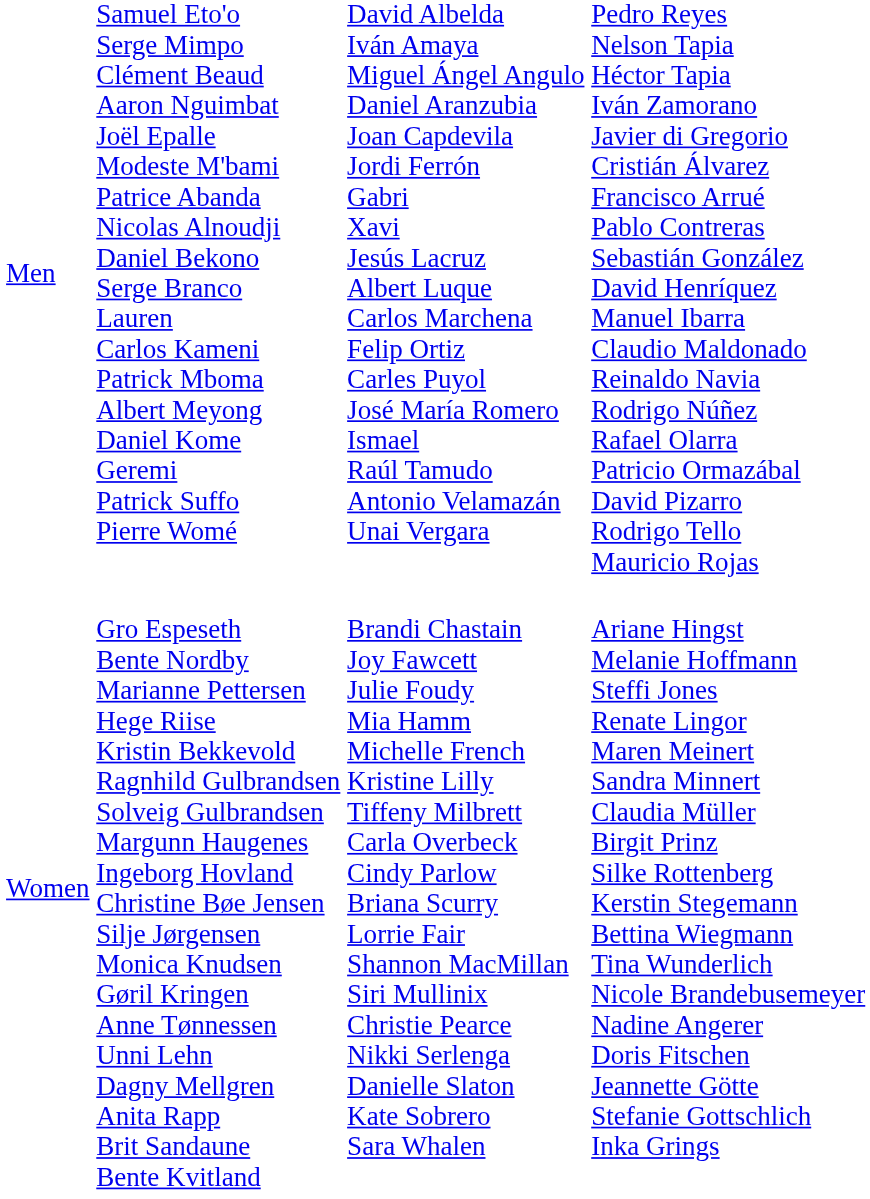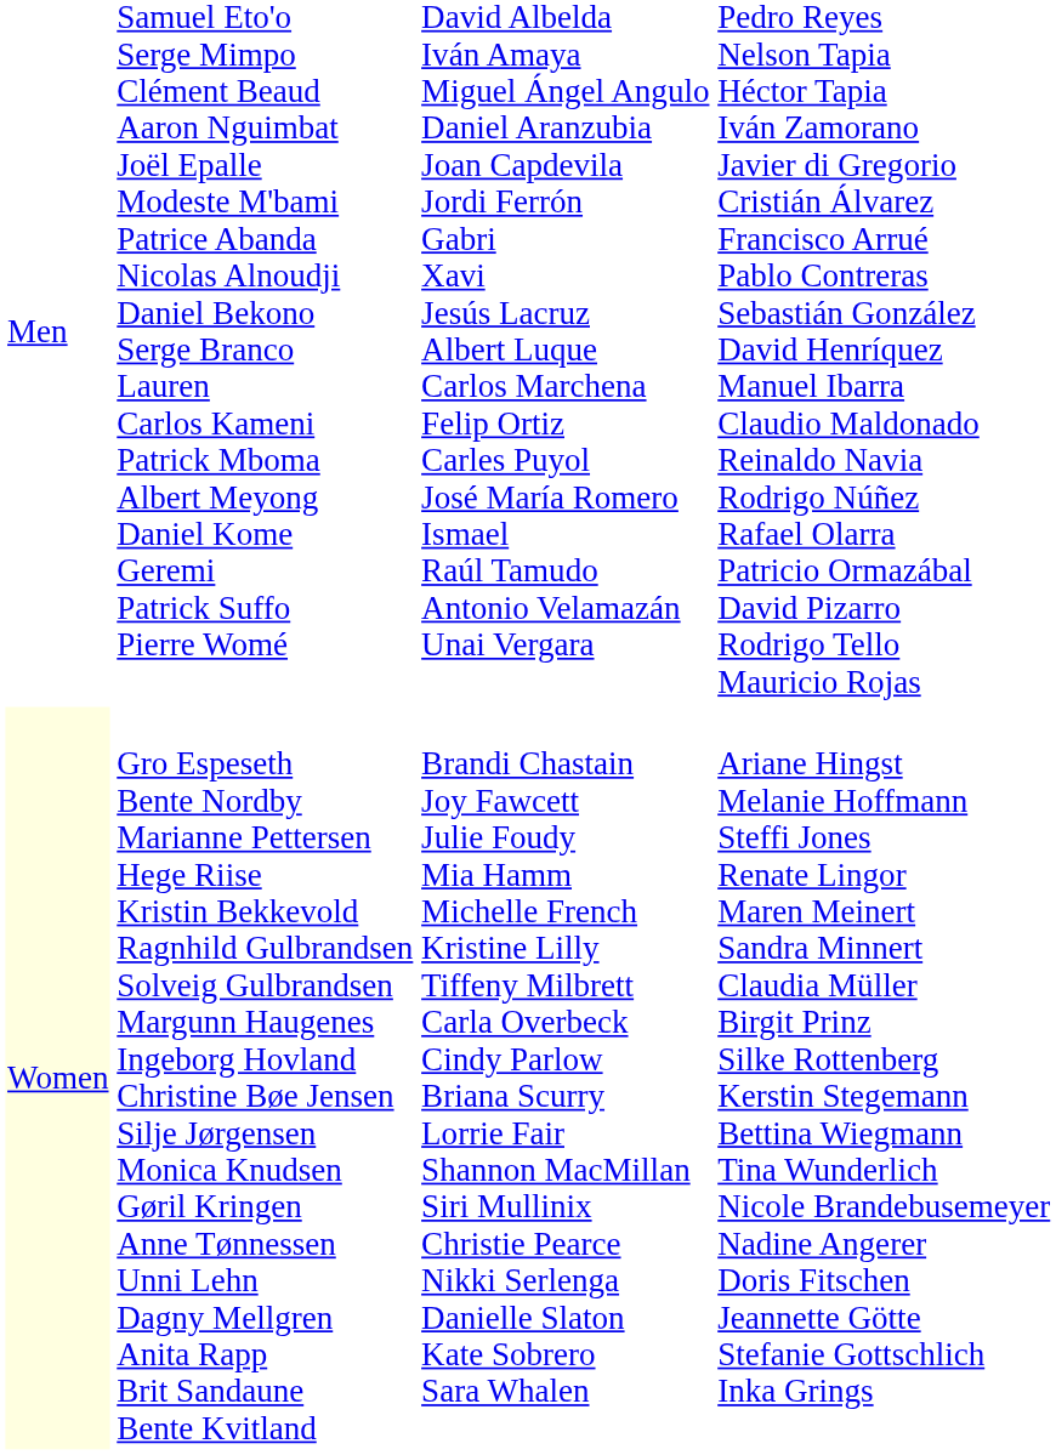 <table>
 <tr>
 <td><a href='#'>Men</a></td>
 <td valign=top><br><a href='#'>Samuel Eto'o</a><br><a href='#'>Serge Mimpo</a><br><a href='#'>Clément Beaud</a><br><a href='#'>Aaron Nguimbat</a><br><a href='#'>Joël Epalle</a><br><a href='#'>Modeste M'bami</a><br><a href='#'>Patrice Abanda</a><br><a href='#'>Nicolas Alnoudji</a><br><a href='#'>Daniel Bekono</a><br><a href='#'>Serge Branco</a><br><a href='#'>Lauren</a><br><a href='#'>Carlos Kameni</a><br><a href='#'>Patrick Mboma</a><br><a href='#'>Albert Meyong</a><br><a href='#'>Daniel Kome</a><br><a href='#'>Geremi</a><br><a href='#'>Patrick Suffo</a><br><a href='#'>Pierre Womé</a></td>
 <td valign=top><br><a href='#'>David Albelda</a><br><a href='#'>Iván Amaya</a><br><a href='#'>Miguel Ángel Angulo</a><br><a href='#'>Daniel Aranzubia</a><br><a href='#'>Joan Capdevila</a><br><a href='#'>Jordi Ferrón</a><br><a href='#'>Gabri</a><br><a href='#'>Xavi</a><br><a href='#'>Jesús Lacruz</a><br><a href='#'>Albert Luque</a><br><a href='#'>Carlos Marchena</a><br><a href='#'>Felip Ortiz</a><br><a href='#'>Carles Puyol</a><br><a href='#'>José María Romero</a><br><a href='#'>Ismael</a><br><a href='#'>Raúl Tamudo</a><br><a href='#'>Antonio Velamazán</a><br><a href='#'>Unai Vergara</a></td>
 <td valign=top><br><a href='#'>Pedro Reyes</a><br><a href='#'>Nelson Tapia</a><br><a href='#'>Héctor Tapia</a><br><a href='#'>Iván Zamorano</a><br><a href='#'>Javier di Gregorio</a><br><a href='#'>Cristián Álvarez</a><br><a href='#'>Francisco Arrué</a><br><a href='#'>Pablo Contreras</a><br><a href='#'>Sebastián González</a><br><a href='#'>David Henríquez</a><br><a href='#'>Manuel Ibarra</a><br><a href='#'>Claudio Maldonado</a><br><a href='#'>Reinaldo Navia</a><br><a href='#'>Rodrigo Núñez</a><br><a href='#'>Rafael Olarra</a><br><a href='#'>Patricio Ormazábal</a><br><a href='#'>David Pizarro</a><br><a href='#'>Rodrigo Tello</a><br><a href='#'>Mauricio Rojas</a></td>
 </tr>
 <tr>
-<td><a href='#'>Women</a></td>
+<td style="background: lightyellow;"><a href='#'>Women</a></td>
 <td valign=top><br><a href='#'>Gro Espeseth</a><br><a href='#'>Bente Nordby</a><br><a href='#'>Marianne Pettersen</a><br><a href='#'>Hege Riise</a><br><a href='#'>Kristin Bekkevold</a><br><a href='#'>Ragnhild Gulbrandsen</a><br><a href='#'>Solveig Gulbrandsen</a><br><a href='#'>Margunn Haugenes</a><br><a href='#'>Ingeborg Hovland</a><br><a href='#'>Christine Bøe Jensen</a><br><a href='#'>Silje Jørgensen</a><br><a href='#'>Monica Knudsen</a><br><a href='#'>Gøril Kringen</a><br><a href='#'>Anne Tønnessen</a><br><a href='#'>Unni Lehn</a><br><a href='#'>Dagny Mellgren</a><br><a href='#'>Anita Rapp</a><br><a href='#'>Brit Sandaune</a><br><a href='#'>Bente Kvitland</a></td>
 <td valign=top><br><a href='#'>Brandi Chastain</a><br><a href='#'>Joy Fawcett</a><br><a href='#'>Julie Foudy</a><br><a href='#'>Mia Hamm</a><br><a href='#'>Michelle French</a><br><a href='#'>Kristine Lilly</a><br><a href='#'>Tiffeny Milbrett</a><br><a href='#'>Carla Overbeck</a><br><a href='#'>Cindy Parlow</a><br><a href='#'>Briana Scurry</a><br><a href='#'>Lorrie Fair</a><br><a href='#'>Shannon MacMillan</a><br><a href='#'>Siri Mullinix</a><br><a href='#'>Christie Pearce</a><br><a href='#'>Nikki Serlenga</a><br><a href='#'>Danielle Slaton</a><br><a href='#'>Kate Sobrero</a><br><a href='#'>Sara Whalen</a></td>
 <td valign=top><br><a href='#'>Ariane Hingst</a><br><a href='#'>Melanie Hoffmann</a><br><a href='#'>Steffi Jones</a><br><a href='#'>Renate Lingor</a><br><a href='#'>Maren Meinert</a><br><a href='#'>Sandra Minnert</a><br><a href='#'>Claudia Müller</a><br><a href='#'>Birgit Prinz</a><br><a href='#'>Silke Rottenberg</a><br><a href='#'>Kerstin Stegemann</a><br><a href='#'>Bettina Wiegmann</a><br><a href='#'>Tina Wunderlich</a><br><a href='#'>Nicole Brandebusemeyer</a><br><a href='#'>Nadine Angerer</a><br><a href='#'>Doris Fitschen</a><br><a href='#'>Jeannette Götte</a><br><a href='#'>Stefanie Gottschlich</a><br><a href='#'>Inka Grings</a></td>
 </tr>
 </table>
